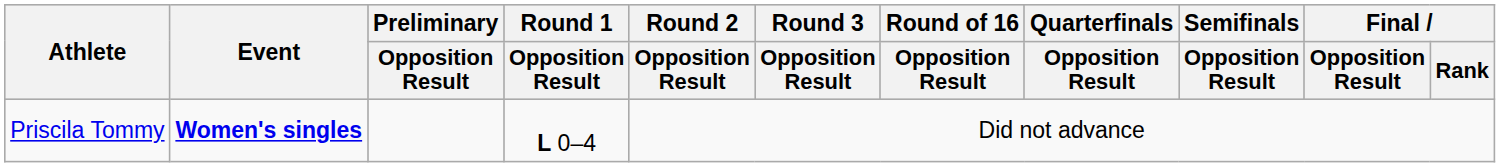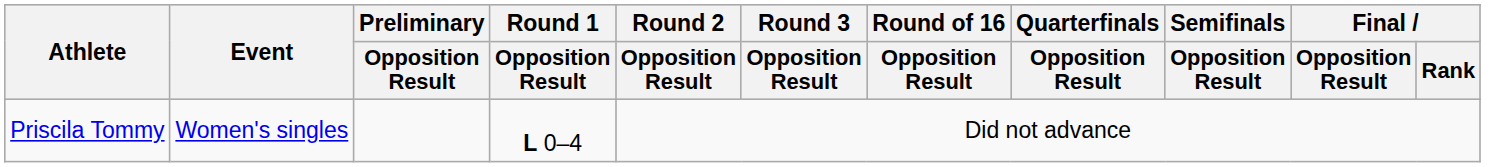 <table class=wikitable style=font-size:90%;text-align:center>
 <tr>
 <th rowspan=2>Athlete</th>
 <th rowspan=2>Event</th>
 <th>Preliminary</th>
 <th>Round 1</th>
 <th>Round 2</th>
 <th>Round 3</th>
 <th>Round of 16</th>
 <th>Quarterfinals</th>
 <th>Semifinals</th>
 <th colspan=2>Final / </th>
 </tr>
 <tr style=font-size:95%>
 <th>Opposition<br>Result</th>
 <th>Opposition<br>Result</th>
 <th>Opposition<br>Result</th>
 <th>Opposition<br>Result</th>
 <th>Opposition<br>Result</th>
 <th>Opposition<br>Result</th>
 <th>Opposition<br>Result</th>
 <th>Opposition<br>Result</th>
 <th>Rank</th>
 </tr>
 <tr>
 <td align=left><a href='#'>Priscila Tommy</a></td>
-<td align=left><strong><a href='#'>Women's singles</a></strong></td>
+<td align=left><a href='#'>Women's singles</a></td>
 <td></td>
 <td><br><strong>L</strong> 0–4</td>
 <td colspan=7>Did not advance</td>
 </tr>
 </table>
